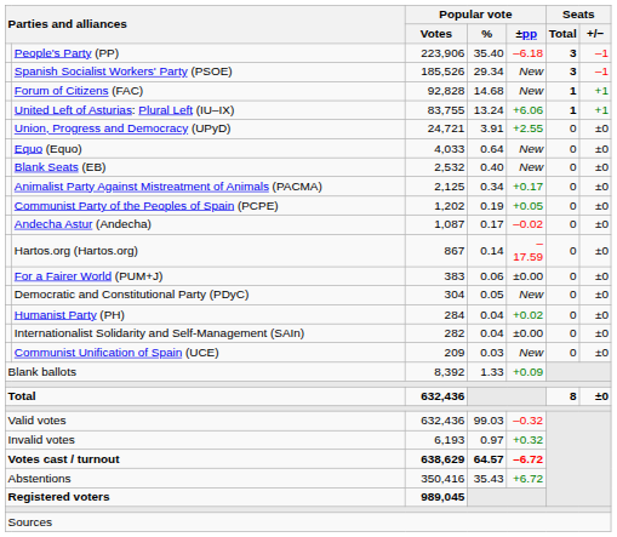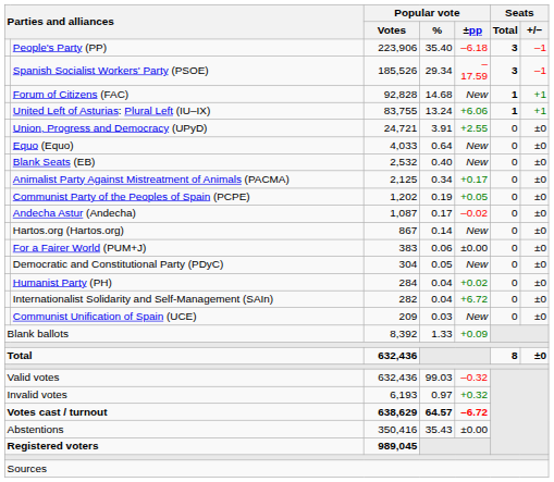 <table class="wikitable" style="text-align:right;">
 <tr>
 <th style="text-align:left;" rowspan="2" colspan="2" width="525">Parties and alliances</th>
 <th colspan="3">Popular vote</th>
 <th colspan="2">Seats</th>
 </tr>
 <tr>
 <th width="75">Votes</th>
 <th width="45">%</th>
 <th width="45">±<a href='#'>pp</a></th>
 <th width="35">Total</th>
 <th width="35">+/−</th>
 </tr>
 <tr>
 <td width="1" style="color:inherit;background:"></td>
 <td align="left"><a href='#'>People's Party</a> (PP)</td>
 <td>223,906</td>
 <td>35.40</td>
 <td style="color:red;">–6.18</td>
 <td><strong>3</strong></td>
 <td style="color:red;">–1</td>
 </tr>
 <tr>
 <td style="color:inherit;background:"></td>
 <td align="left"><a href='#'>Spanish Socialist Workers' Party</a> (PSOE)</td>
 <td>185,526</td>
 <td>29.34</td>
-<td><em>New</em></td>
+<td style="color:red;">–17.59</td>
 <td><strong>3</strong></td>
 <td style="color:red;">–1</td>
 </tr>
 <tr>
 <td style="color:inherit;background:"></td>
 <td align="left"><a href='#'>Forum of Citizens</a> (FAC)</td>
 <td>92,828</td>
 <td>14.68</td>
 <td><em>New</em></td>
 <td><strong>1</strong></td>
 <td style="color:green;">+1</td>
 </tr>
 <tr>
 <td style="color:inherit;background:"></td>
 <td align="left"><a href='#'>United Left of Asturias</a>: <a href='#'>Plural Left</a> (IU–IX)</td>
 <td>83,755</td>
 <td>13.24</td>
 <td style="color:green;">+6.06</td>
 <td><strong>1</strong></td>
 <td style="color:green;">+1</td>
 </tr>
 <tr>
 <td style="color:inherit;background:"></td>
 <td align="left"><a href='#'>Union, Progress and Democracy</a> (UPyD)</td>
 <td>24,721</td>
 <td>3.91</td>
 <td style="color:green;">+2.55</td>
 <td>0</td>
 <td>±0</td>
 </tr>
 <tr>
 <td style="color:inherit;background:"></td>
 <td align="left"><a href='#'>Equo</a> (Equo)</td>
 <td>4,033</td>
 <td>0.64</td>
 <td><em>New</em></td>
 <td>0</td>
 <td>±0</td>
 </tr>
 <tr>
 <td style="color:inherit;background:"></td>
 <td align="left"><a href='#'>Blank Seats</a> (EB)</td>
 <td>2,532</td>
 <td>0.40</td>
 <td><em>New</em></td>
 <td>0</td>
 <td>±0</td>
 </tr>
 <tr>
 <td style="color:inherit;background:"></td>
 <td align="left"><a href='#'>Animalist Party Against Mistreatment of Animals</a> (PACMA)</td>
 <td>2,125</td>
 <td>0.34</td>
 <td style="color:green;">+0.17</td>
 <td>0</td>
 <td>±0</td>
 </tr>
 <tr>
 <td style="color:inherit;background:"></td>
 <td align="left"><a href='#'>Communist Party of the Peoples of Spain</a> (PCPE)</td>
 <td>1,202</td>
 <td>0.19</td>
 <td style="color:green;">+0.05</td>
 <td>0</td>
 <td>±0</td>
 </tr>
 <tr>
 <td style="color:inherit;background:"></td>
 <td align="left"><a href='#'>Andecha Astur</a> (Andecha)</td>
 <td>1,087</td>
 <td>0.17</td>
 <td style="color:red;">–0.02</td>
 <td>0</td>
 <td>±0</td>
 </tr>
 <tr>
 <td style="color:inherit;background:"></td>
 <td align="left">Hartos.org (Hartos.org)</td>
 <td>867</td>
 <td>0.14</td>
-<td style="color:red;">–17.59</td>
+<td><em>New</em></td>
 <td>0</td>
 <td>±0</td>
 </tr>
 <tr>
 <td style="color:inherit;background:"></td>
 <td align="left"><a href='#'>For a Fairer World</a> (PUM+J)</td>
 <td>383</td>
 <td>0.06</td>
 <td>±0.00</td>
 <td>0</td>
 <td>±0</td>
 </tr>
 <tr>
 <td style="color:inherit;background:"></td>
 <td align="left">Democratic and Constitutional Party (PDyC)</td>
 <td>304</td>
 <td>0.05</td>
 <td><em>New</em></td>
 <td>0</td>
 <td>±0</td>
 </tr>
 <tr>
 <td style="color:inherit;background:"></td>
 <td align="left"><a href='#'>Humanist Party</a> (PH)</td>
 <td>284</td>
 <td>0.04</td>
 <td style="color:green;">+0.02</td>
 <td>0</td>
 <td>±0</td>
 </tr>
 <tr>
 <td style="color:inherit;background:"></td>
 <td align="left">Internationalist Solidarity and Self-Management (SAIn)</td>
 <td>282</td>
 <td>0.04</td>
-<td>±0.00</td>
+<td style="color:green;">+6.72</td>
 <td>0</td>
 <td>±0</td>
 </tr>
 <tr>
 <td style="color:inherit;background:"></td>
 <td align="left"><a href='#'>Communist Unification of Spain</a> (UCE)</td>
 <td>209</td>
 <td>0.03</td>
 <td><em>New</em></td>
 <td>0</td>
 <td>±0</td>
 </tr>
 <tr>
 <td align="left" colspan="2">Blank ballots</td>
 <td>8,392</td>
 <td>1.33</td>
 <td style="color:green;">+0.09</td>
 <td bgcolor="#E9E9E9" colspan="2"></td>
 </tr>
 <tr>
 <td colspan="7" bgcolor="#E9E9E9"></td>
 </tr>
 <tr style="font-weight:bold;">
 <td align="left" colspan="2">Total</td>
 <td>632,436</td>
 <td bgcolor="#E9E9E9" colspan="2"></td>
 <td>8</td>
 <td>±0</td>
 </tr>
 <tr>
 <td colspan="7" bgcolor="#E9E9E9"></td>
 </tr>
 <tr>
 <td align="left" colspan="2">Valid votes</td>
 <td>632,436</td>
 <td>99.03</td>
 <td style="color:red;">–0.32</td>
 <td bgcolor="#E9E9E9" colspan="2" rowspan="5"></td>
 </tr>
 <tr>
 <td align="left" colspan="2">Invalid votes</td>
 <td>6,193</td>
 <td>0.97</td>
 <td style="color:green;">+0.32</td>
 </tr>
 <tr style="font-weight:bold;">
 <td align="left" colspan="2">Votes cast / turnout</td>
 <td>638,629</td>
 <td>64.57</td>
 <td style="color:red;">–6.72</td>
 </tr>
 <tr>
 <td align="left" colspan="2">Abstentions</td>
 <td>350,416</td>
 <td>35.43</td>
-<td style="color:green;">+6.72</td>
+<td>±0.00</td>
 </tr>
 <tr style="font-weight:bold;">
 <td align="left" colspan="2">Registered voters</td>
 <td>989,045</td>
 <td bgcolor="#E9E9E9" colspan="2"></td>
 </tr>
 <tr>
 <td colspan="7" bgcolor="#E9E9E9"></td>
 </tr>
 <tr>
 <td align="left" colspan="7">Sources</td>
 </tr>
 </table>
